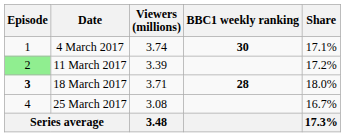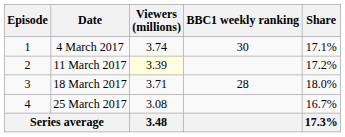 <table class="wikitable" style="text-align:center">
 <tr>
 <th>Episode</th>
 <th>Date</th>
 <th>Viewers<br>(millions)</th>
 <th>BBC1 weekly ranking</th>
 <th>Share</th>
 </tr>
 <tr>
 <td>1</td>
 <td>4 March 2017</td>
 <td>3.74</td>
-<td><strong>30</strong></td>
+<td>30</td>
 <td>17.1%</td>
 </tr>
 <tr>
-<td style="background: lightgreen;">2</td>
+<td>2</td>
 <td>11 March 2017</td>
-<td>3.39</td>
+<td style="background: lightyellow;">3.39</td>
 <td></td>
 <td>17.2%</td>
 </tr>
 <tr>
-<td><strong>3</strong></td>
+<td>3</td>
 <td>18 March 2017</td>
 <td>3.71</td>
-<td><strong>28</strong></td>
+<td>28</td>
 <td>18.0%</td>
 </tr>
 <tr>
 <td>4</td>
 <td>25 March 2017</td>
 <td>3.08</td>
 <td></td>
 <td>16.7%</td>
 </tr>
 <tr>
 <th colspan="2" scope="row">Series average</th>
 <th>3.48</th>
 <th></th>
 <th>17.3%</th>
 </tr>
 </table>
